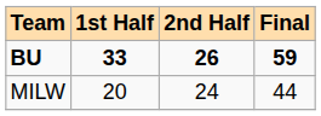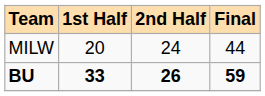 <table class="wikitable" align=right>
 <tr bgcolor=#ffdead align=center>
 <td><strong>Team</strong></td>
 <td><strong>1st Half</strong></td>
 <td><strong>2nd Half</strong></td>
 <td><strong>Final</strong></td>
 </tr>
 <tr>
+<td>MILW</td>
+<td align=center>20</td>
+<td align=center>24</td>
+<td align=center>44</td>
+</tr>
+<tr>
 <td><strong>BU</strong></td>
 <td align=center><strong>33</strong></td>
 <td align=center><strong>26</strong></td>
 <td align=center><strong>59</strong></td>
 </tr>
 <tr>
-<td>MILW</td>
-<td align=center>20</td>
-<td align=center>24</td>
-<td align=center>44</td>
-</tr>
-<tr>
 </tr>
 </table>
